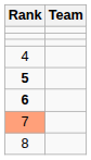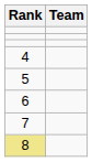 <table class="wikitable" style="text-align:center;">
 <tr>
 <th width=40>Rank</th>
 <th>Team</th>
 </tr>
 <tr>
 <td></td>
 <td style="text-align:left;"></td>
 </tr>
 <tr>
 <td></td>
 <td style="text-align:left;"></td>
 </tr>
 <tr>
 <td></td>
 <td style="text-align:left;"></td>
 </tr>
 <tr>
 <td>4</td>
 <td style="text-align:left;"></td>
 </tr>
 <tr>
-<td><strong>5</strong></td>
+<td>5</td>
 <td style="text-align:left;"></td>
 </tr>
 <tr>
-<td><strong>6</strong></td>
+<td>6</td>
 <td style="text-align:left;"></td>
 </tr>
 <tr>
-<td style="background: lightsalmon;">7</td>
+<td>7</td>
 <td style="text-align:left;"></td>
 </tr>
 <tr>
-<td>8</td>
+<td style="background: khaki;">8</td>
 <td style="text-align:left;"></td>
 </tr>
 </table>
